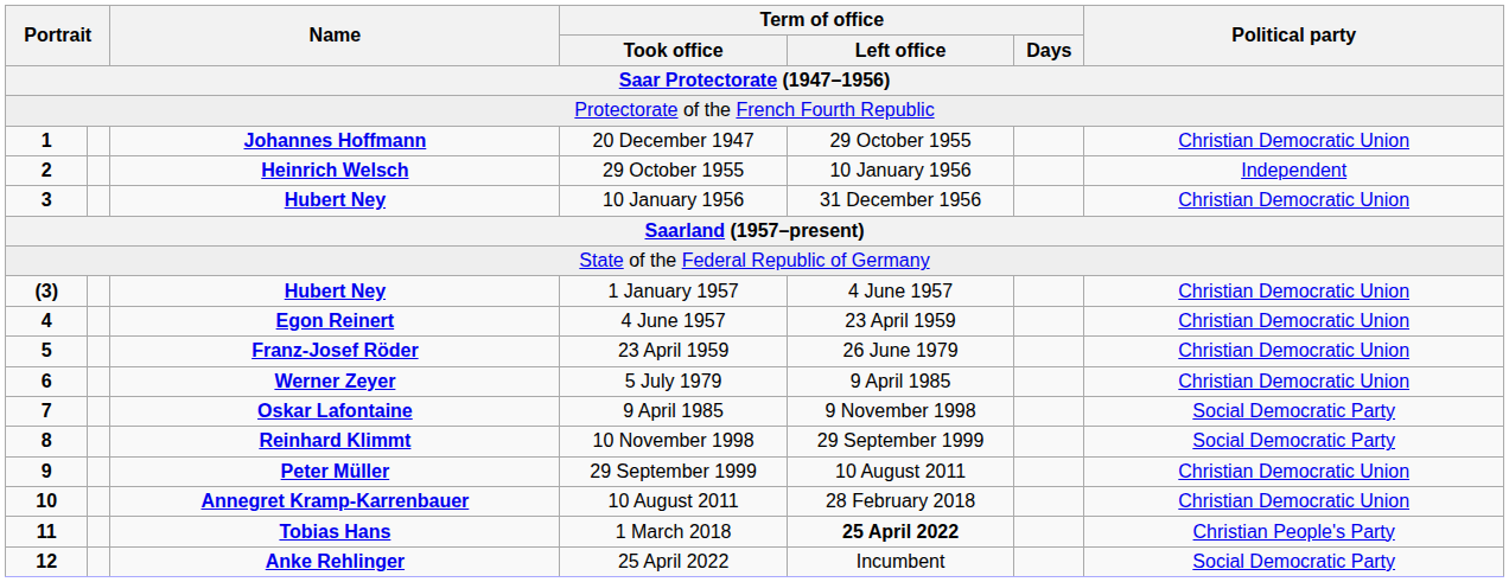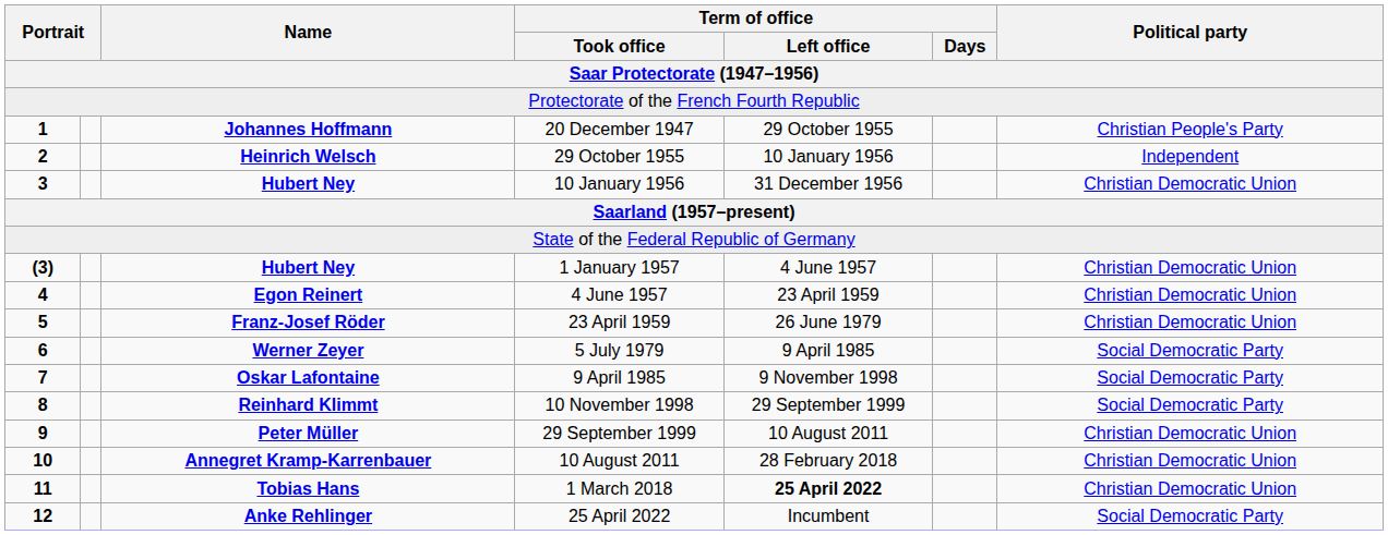 <table class="wikitable" style="text-align:center; width:100%; border:1px #AAAAFF solid">
 <tr>
 <th width=80px rowspan=2 colspan=2>Portrait</th>
 <th width=30% rowspan=2>Name<br></th>
 <th width=35% colspan=3>Term of office</th>
 <th width=28% rowspan=2>Political party</th>
 </tr>
 <tr>
 <th>Took office</th>
 <th>Left office</th>
 <th>Days</th>
 </tr>
 <tr>
 <th colspan="8"><a href='#'>Saar Protectorate</a> (1947–1956)</th>
 </tr>
 <tr>
 <td bgcolor=#EEEEEE colspan=8><a href='#'>Protectorate</a> of the <a href='#'>French Fourth Republic</a></td>
 </tr>
 <tr>
 <td style="background:"><strong>1</strong></td>
 <td></td>
 <td><strong><a href='#'>Johannes Hoffmann</a></strong><br></td>
 <td>20 December 1947</td>
 <td>29 October 1955</td>
 <td></td>
-<td><a href='#'>Christian Democratic Union</a></td>
+<td><a href='#'>Christian People's Party</a></td>
 </tr>
 <tr>
 <td style="background:"><strong>2</strong></td>
 <td></td>
 <td><strong><a href='#'>Heinrich Welsch</a></strong><br></td>
 <td>29 October 1955</td>
 <td>10 January 1956</td>
 <td></td>
 <td><a href='#'>Independent</a></td>
 </tr>
 <tr>
 <td style="background:"><strong>3</strong></td>
 <td></td>
 <td><strong><a href='#'>Hubert Ney</a></strong><br></td>
 <td>10 January 1956</td>
 <td>31 December 1956</td>
 <td></td>
 <td><a href='#'>Christian Democratic Union</a></td>
 </tr>
 <tr>
 <th colspan="7"><a href='#'>Saarland</a> (1957–present)</th>
 </tr>
 <tr>
 <td bgcolor=#EEEEEE colspan=8><a href='#'>State</a> of the <a href='#'>Federal Republic of Germany</a></td>
 </tr>
 <tr>
 <td style="background:"><strong>(3)</strong></td>
 <td></td>
 <td><strong><a href='#'>Hubert Ney</a></strong><br></td>
 <td>1 January 1957</td>
 <td>4 June 1957</td>
 <td></td>
 <td><a href='#'>Christian Democratic Union</a></td>
 </tr>
 <tr>
 <td style="background:"><strong>4</strong></td>
 <td></td>
 <td><strong><a href='#'>Egon Reinert</a></strong><br></td>
 <td>4 June 1957</td>
 <td>23 April 1959<br></td>
 <td></td>
 <td><a href='#'>Christian Democratic Union</a></td>
 </tr>
 <tr>
 <td style="background:"><strong>5</strong></td>
 <td></td>
 <td><strong><a href='#'>Franz-Josef Röder</a></strong><br></td>
 <td>23 April 1959</td>
 <td>26 June 1979<br></td>
 <td></td>
 <td><a href='#'>Christian Democratic Union</a></td>
 </tr>
 <tr>
 <td style="background:"><strong>6</strong></td>
 <td></td>
 <td><strong><a href='#'>Werner Zeyer</a></strong><br></td>
 <td>5 July 1979</td>
 <td>9 April 1985</td>
 <td></td>
-<td><a href='#'>Christian Democratic Union</a></td>
+<td><a href='#'>Social Democratic Party</a></td>
 </tr>
 <tr>
 <td style="background:"><strong>7</strong></td>
 <td></td>
 <td><strong><a href='#'>Oskar Lafontaine</a></strong><br></td>
 <td>9 April 1985</td>
 <td>9 November 1998<br></td>
 <td></td>
 <td><a href='#'>Social Democratic Party</a></td>
 </tr>
 <tr>
 <td style="background:"><strong>8</strong></td>
 <td></td>
 <td><strong><a href='#'>Reinhard Klimmt</a></strong><br></td>
 <td>10 November 1998</td>
 <td>29 September 1999</td>
 <td></td>
 <td><a href='#'>Social Democratic Party</a></td>
 </tr>
 <tr>
 <td style="background:"><strong>9</strong></td>
 <td></td>
 <td><strong><a href='#'>Peter Müller</a></strong><br></td>
 <td>29 September 1999</td>
 <td>10 August 2011<br></td>
 <td></td>
 <td><a href='#'>Christian Democratic Union</a></td>
 </tr>
 <tr>
 <td style="background:"><strong>10</strong></td>
 <td></td>
 <td><strong><a href='#'>Annegret Kramp-Karrenbauer</a></strong><br></td>
 <td>10 August 2011</td>
 <td>28 February 2018<br></td>
 <td></td>
 <td><a href='#'>Christian Democratic Union</a></td>
 </tr>
 <tr>
 <td style="background:"><strong>11</strong></td>
 <td></td>
 <td><strong><a href='#'>Tobias Hans</a></strong><br></td>
 <td>1 March 2018</td>
 <td><strong>25 April 2022</strong></td>
 <td></td>
-<td><a href='#'>Christian People's Party</a></td>
+<td><a href='#'>Christian Democratic Union</a></td>
 </tr>
 <tr>
 <td style="background:"><strong>12</strong></td>
 <td></td>
 <td><strong><a href='#'>Anke Rehlinger</a></strong><br></td>
 <td>25 April 2022</td>
 <td>Incumbent</td>
 <td></td>
 <td><a href='#'>Social Democratic Party</a></td>
 </tr>
 <tr>
 </tr>
 </table>
